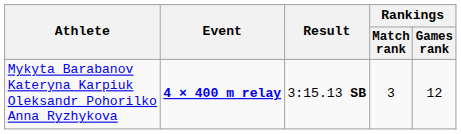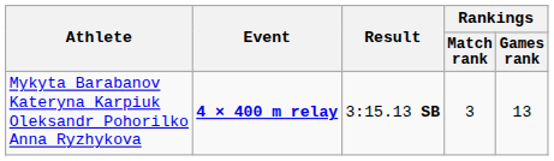 <table class=wikitable style=font-size:90%;text-align:center>
 <tr>
 <th rowspan=2>Athlete</th>
 <th rowspan=2>Event</th>
 <th rowspan=2>Result</th>
 <th colspan=2>Rankings</th>
 </tr>
 <tr style=font-size:95%>
 <th>Match<br>rank</th>
 <th>Games<br>rank</th>
 </tr>
 <tr>
 <td align=left><a href='#'>Mykyta Barabanov</a><br><a href='#'>Kateryna Karpiuk</a><br><a href='#'>Oleksandr Pohorilko</a><br><a href='#'>Anna Ryzhykova</a></td>
 <td align=left><strong><a href='#'>4 × 400 m relay</a></strong></td>
 <td>3:15.13 <strong>SB</strong></td>
 <td>3</td>
-<td>12</td>
+<td>13</td>
 </tr>
 </table>
